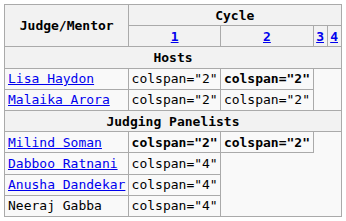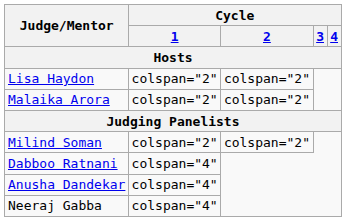 <table class="wikitable" style="margin:1em auto 1em auto;">
 <tr>
 <th rowspan="2">Judge/Mentor</th>
 <th colspan="5">Cycle</th>
 </tr>
 <tr>
 <th><a href='#'>1</a></th>
 <th><a href='#'>2</a></th>
 <th><a href='#'>3</a></th>
 <th><a href='#'>4</a></th>
 </tr>
 <tr>
 <th scope="col" colspan="5">Hosts</th>
 </tr>
 <tr>
 <td scope="row"><a href='#'>Lisa Haydon</a></td>
 <td>colspan="2" </td>
-<td><strong>colspan="2" </strong></td>
+<td>colspan="2" </td>
 </tr>
 <tr>
 <td scope="row"><a href='#'>Malaika Arora</a></td>
 <td>colspan="2" </td>
 <td>colspan="2" </td>
 </tr>
 <tr>
 <th scope="col" colspan="5">Judging Panelists</th>
 </tr>
 <tr>
 <td scope="row"><a href='#'>Milind Soman</a></td>
-<td><strong>colspan="2" </strong></td>
-<td><strong>colspan="2" </strong></td>
+<td>colspan="2" </td>
+<td>colspan="2" </td>
 </tr>
 <tr>
 <td scope="row"><a href='#'>Dabboo Ratnani</a></td>
 <td>colspan="4" </td>
 </tr>
 <tr>
 <td scope="row"><a href='#'>Anusha Dandekar</a></td>
 <td>colspan="4" </td>
 </tr>
 <tr>
 <td scope="row">Neeraj Gabba</td>
 <td>colspan="4" </td>
 </tr>
 </table>
